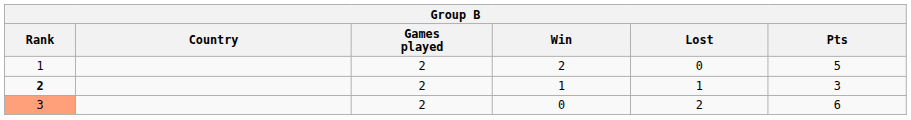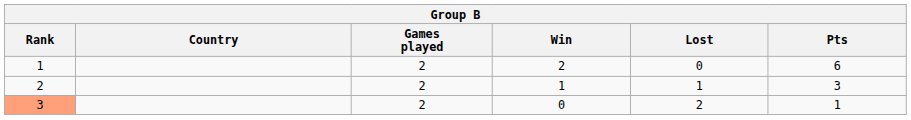 <table class="wikitable" style= "text-align: center; Width:50%">
 <tr>
 <th colspan= 6>Group B</th>
 </tr>
 <tr>
 <th width=2%>Rank</th>
 <th width=10%>Country</th>
 <th width=5%>Games <br> played</th>
 <th width=5%>Win</th>
 <th width=5%>Lost</th>
 <th width=5%>Pts</th>
 </tr>
 <tr>
 <td>1</td>
 <td style= "text-align: left"></td>
 <td>2</td>
 <td>2</td>
 <td>0</td>
-<td>5</td>
+<td>6</td>
 </tr>
 <tr>
-<td><strong>2</strong></td>
+<td>2</td>
 <td style= "text-align: left"></td>
 <td>2</td>
 <td>1</td>
 <td>1</td>
 <td>3</td>
 </tr>
 <tr>
 <td style="background: lightsalmon;">3</td>
 <td style= "text-align: left"></td>
 <td>2</td>
 <td>0</td>
 <td>2</td>
-<td>6</td>
+<td>1</td>
 </tr>
 </table>
